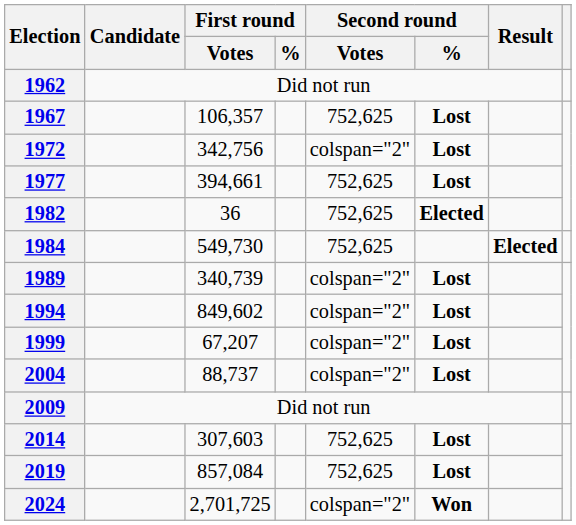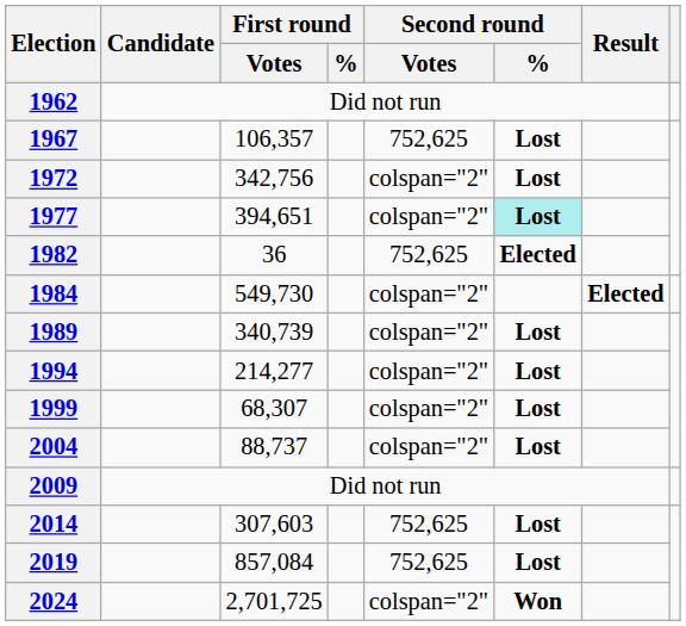 <table class="wikitable" style="text-align:center">
 <tr>
 <th rowspan="2">Election</th>
 <th rowspan="2">Candidate</th>
 <th colspan="2" scope="col">First round</th>
 <th colspan="2">Second round</th>
 <th rowspan="2">Result</th>
 <th rowspan="2"></th>
 </tr>
 <tr>
 <th>Votes</th>
 <th>%</th>
 <th>Votes</th>
 <th>%</th>
 </tr>
 <tr>
 <th><a href='#'>1962</a></th>
 <td colspan="6">Did not run</td>
 <td></td>
 </tr>
 <tr>
 <th><a href='#'>1967</a></th>
 <td></td>
 <td>106,357</td>
 <td></td>
 <td>752,625</td>
 <td><strong>Lost</strong> </td>
 <td></td>
 </tr>
 <tr>
 <th><a href='#'>1972</a></th>
 <td></td>
 <td>342,756</td>
 <td></td>
 <td>colspan="2" </td>
 <td><strong>Lost</strong> </td>
 <td></td>
 </tr>
 <tr>
 <th><a href='#'>1977</a></th>
 <td></td>
-<td>394,661</td>
+<td>394,651</td>
 <td></td>
-<td>752,625</td>
-<td><strong>Lost</strong> </td>
+<td>colspan="2" </td>
+<td style="background: paleturquoise;"><strong>Lost</strong> </td>
 <td></td>
 </tr>
 <tr>
 <th><a href='#'>1982</a></th>
 <td></td>
 <td>36</td>
 <td></td>
 <td>752,625</td>
 <td><strong>Elected</strong> </td>
 <td></td>
 </tr>
 <tr>
 <th><a href='#'>1984</a></th>
 <td></td>
 <td>549,730</td>
 <td></td>
-<td>752,625</td>
+<td>colspan="2" </td>
 <td></td>
 <td><strong>Elected</strong> </td>
 <td></td>
 </tr>
 <tr>
 <th><a href='#'>1989</a></th>
 <td></td>
 <td>340,739</td>
 <td></td>
 <td>colspan="2" </td>
 <td><strong>Lost</strong> </td>
 <td></td>
 </tr>
 <tr>
 <th><a href='#'>1994</a></th>
 <td></td>
-<td>849,602</td>
+<td>214,277</td>
 <td></td>
 <td>colspan="2" </td>
 <td><strong>Lost</strong> </td>
 <td></td>
 </tr>
 <tr>
 <th><a href='#'>1999</a></th>
 <td></td>
-<td>67,207</td>
+<td>68,307</td>
 <td></td>
 <td>colspan="2" </td>
 <td><strong>Lost</strong> </td>
 <td></td>
 </tr>
 <tr>
 <th><a href='#'>2004</a></th>
 <td></td>
 <td>88,737</td>
 <td></td>
 <td>colspan="2" </td>
 <td><strong>Lost</strong> </td>
 <td></td>
 </tr>
 <tr>
 <th><a href='#'>2009</a></th>
 <td colspan="6">Did not run</td>
 <td></td>
 </tr>
 <tr>
 <th><a href='#'>2014</a></th>
 <td></td>
 <td>307,603</td>
 <td></td>
 <td>752,625</td>
 <td><strong>Lost</strong> </td>
 <td></td>
 </tr>
 <tr>
 <th><a href='#'>2019</a></th>
 <td></td>
 <td>857,084</td>
 <td></td>
 <td>752,625</td>
 <td><strong>Lost</strong> </td>
 <td></td>
 </tr>
 <tr>
 <th><a href='#'>2024</a></th>
 <td></td>
 <td>2,701,725</td>
 <td></td>
 <td>colspan="2" </td>
 <td><strong>Won</strong> </td>
 <td></td>
 </tr>
 </table>
